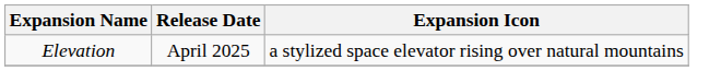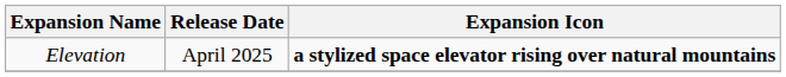 <table class="wikitable" style="text-align:center">
 <tr>
 <th>Expansion Name</th>
 <th>Release Date</th>
 <th>Expansion Icon</th>
 </tr>
 <tr>
 <td><em>Elevation</em></td>
 <td>April 2025</td>
-<td>a stylized space elevator rising over natural mountains</td>
+<td><strong>a stylized space elevator rising over natural mountains</strong></td>
 </tr>
 <tr>
 </tr>
 </table>
